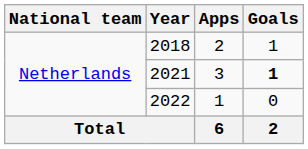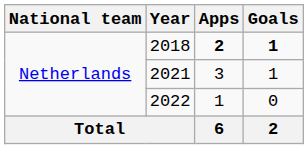 <table class=wikitable style=text-align:center>
 <tr>
 <th>National team</th>
 <th>Year</th>
 <th>Apps</th>
 <th>Goals</th>
 </tr>
 <tr>
 <td rowspan=3><a href='#'>Netherlands</a></td>
 <td>2018</td>
-<td>2</td>
-<td>1</td>
+<td><strong>2</strong></td>
+<td><strong>1</strong></td>
 </tr>
 <tr>
 <td>2021</td>
 <td>3</td>
-<td><strong>1</strong></td>
+<td>1</td>
 </tr>
 <tr>
 <td>2022</td>
 <td>1</td>
 <td>0</td>
 </tr>
 <tr>
 <th colspan=2>Total</th>
 <th>6</th>
 <th>2</th>
 </tr>
 </table>
